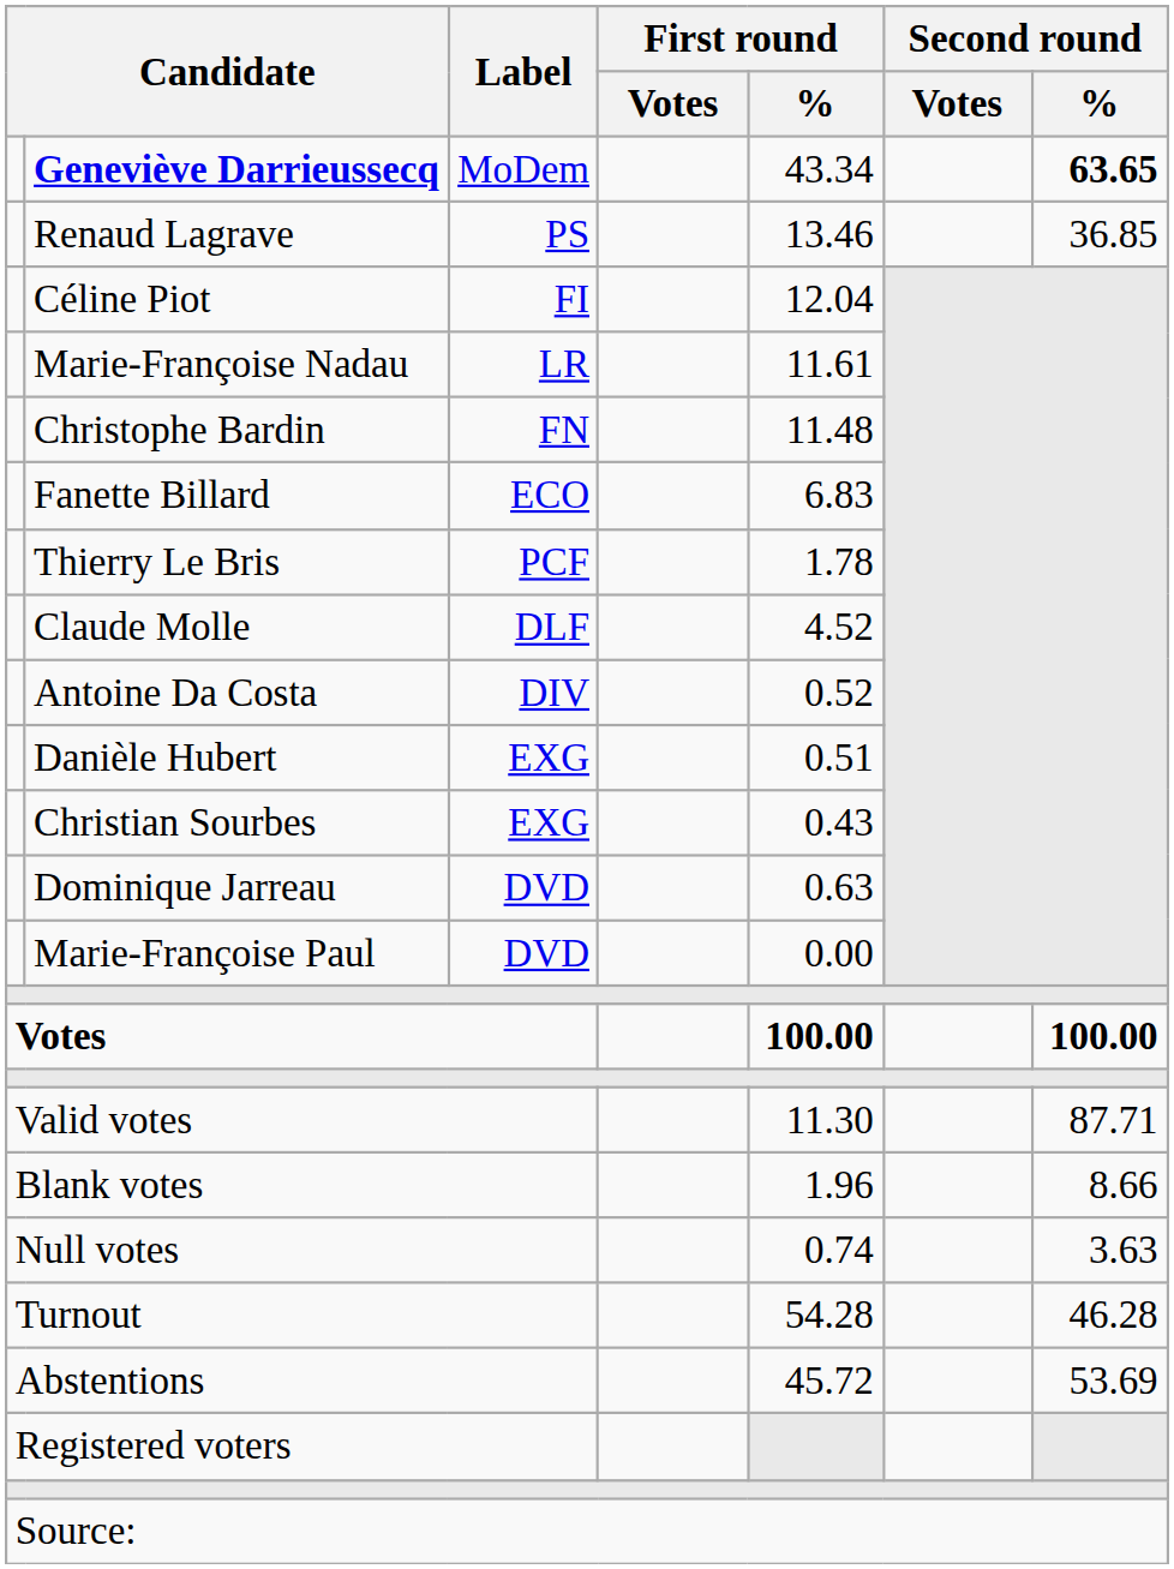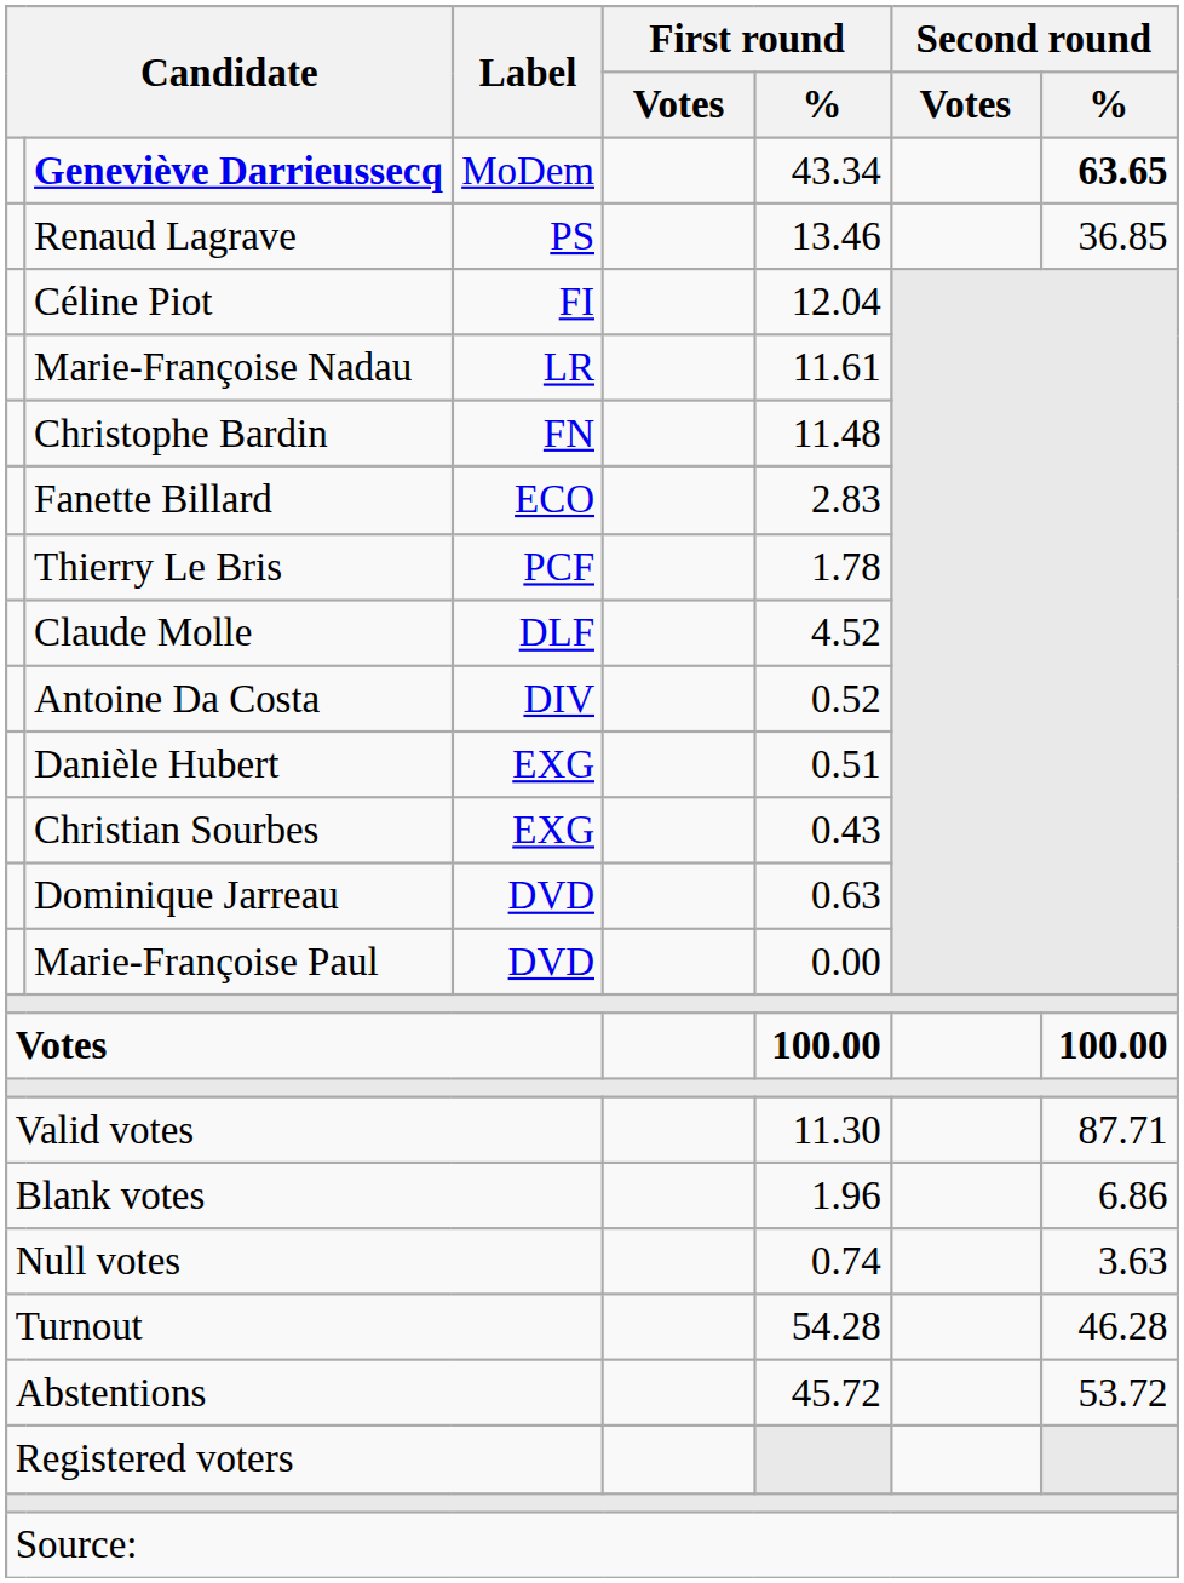 <table class="wikitable" style="text-align:right;font-size:95%;">
 <tr>
 <th rowspan="2" colspan="2">Candidate</th>
 <th rowspan="2">Label</th>
 <th colspan="2">First round</th>
 <th colspan="2">Second round</th>
 </tr>
 <tr>
 <th style="width:50px;">Votes</th>
 <th style="width:45px;">%</th>
 <th style="width:50px;">Votes</th>
 <th style="width:45px;">%</th>
 </tr>
 <tr>
 <td style="color:inherit;background:"></td>
 <td style="text-align:left;"><strong><a href='#'>Geneviève Darrieussecq</a></strong></td>
 <td><a href='#'>MoDem</a></td>
 <td></td>
 <td>43.34</td>
 <td><strong></strong></td>
 <td><strong>63.65</strong></td>
 </tr>
 <tr>
 <td style="color:inherit;background:"></td>
 <td style="text-align:left;">Renaud Lagrave</td>
 <td><a href='#'>PS</a></td>
 <td></td>
 <td>13.46</td>
 <td></td>
 <td>36.85</td>
 </tr>
 <tr>
 <td style="color:inherit;background:"></td>
 <td style="text-align:left;">Céline Piot</td>
 <td><a href='#'>FI</a></td>
 <td></td>
 <td>12.04</td>
 <td colspan="2" rowspan="11" style="background:#E9E9E9;"></td>
 </tr>
 <tr>
 <td style="color:inherit;background:"></td>
 <td style="text-align:left;">Marie-Françoise Nadau</td>
 <td><a href='#'>LR</a></td>
 <td></td>
 <td>11.61</td>
 </tr>
 <tr>
 <td style="color:inherit;background:"></td>
 <td style="text-align:left;">Christophe Bardin</td>
 <td><a href='#'>FN</a></td>
 <td></td>
 <td>11.48</td>
 </tr>
 <tr>
 <td style="color:inherit;background:"></td>
 <td style="text-align:left;">Fanette Billard</td>
 <td><a href='#'>ECO</a></td>
 <td></td>
-<td>6.83</td>
+<td>2.83</td>
 </tr>
 <tr>
 <td style="color:inherit;background:"></td>
 <td style="text-align:left;">Thierry Le Bris</td>
 <td><a href='#'>PCF</a></td>
 <td></td>
 <td>1.78</td>
 </tr>
 <tr>
 <td style="color:inherit;background:"></td>
 <td style="text-align:left;">Claude Molle</td>
 <td><a href='#'>DLF</a></td>
 <td></td>
 <td>4.52</td>
 </tr>
 <tr>
 <td style="color:inherit;background:"></td>
 <td style="text-align:left;">Antoine Da Costa</td>
 <td><a href='#'>DIV</a></td>
 <td></td>
 <td>0.52</td>
 </tr>
 <tr>
 <td style="color:inherit;background:"></td>
 <td style="text-align:left;">Danièle Hubert</td>
 <td><a href='#'>EXG</a></td>
 <td></td>
 <td>0.51</td>
 </tr>
 <tr>
 <td style="color:inherit;background:"></td>
 <td style="text-align:left;">Christian Sourbes</td>
 <td><a href='#'>EXG</a></td>
 <td></td>
 <td>0.43</td>
 </tr>
 <tr>
 <td style="color:inherit;background:"></td>
 <td style="text-align:left;">Dominique Jarreau</td>
 <td><a href='#'>DVD</a></td>
 <td></td>
 <td>0.63</td>
 </tr>
 <tr>
 <td style="color:inherit;background:"></td>
 <td style="text-align:left;">Marie-Françoise Paul</td>
 <td><a href='#'>DVD</a></td>
 <td></td>
 <td>0.00</td>
 </tr>
 <tr>
 <td colspan="7" style="background:#E9E9E9;"></td>
 </tr>
 <tr style="font-weight:bold;">
 <td colspan="3" style="text-align:left;">Votes</td>
 <td></td>
 <td>100.00</td>
 <td></td>
 <td>100.00</td>
 </tr>
 <tr>
 <td colspan="7" style="background:#E9E9E9;"></td>
 </tr>
 <tr>
 <td colspan="3" style="text-align:left;">Valid votes</td>
 <td></td>
 <td>11.30</td>
 <td></td>
 <td>87.71</td>
 </tr>
 <tr>
 <td colspan="3" style="text-align:left;">Blank votes</td>
 <td></td>
 <td>1.96</td>
 <td></td>
-<td>8.66</td>
+<td>6.86</td>
 </tr>
 <tr>
 <td colspan="3" style="text-align:left;">Null votes</td>
 <td></td>
 <td>0.74</td>
 <td></td>
 <td>3.63</td>
 </tr>
 <tr>
 <td colspan="3" style="text-align:left;">Turnout</td>
 <td></td>
 <td>54.28</td>
 <td></td>
 <td>46.28</td>
 </tr>
 <tr>
 <td colspan="3" style="text-align:left;">Abstentions</td>
 <td></td>
 <td>45.72</td>
 <td></td>
-<td>53.69</td>
+<td>53.72</td>
 </tr>
 <tr>
 <td colspan="3" style="text-align:left;">Registered voters</td>
 <td></td>
 <td style="color:inherit;background:#E9E9E9;"></td>
 <td></td>
 <td style="color:inherit;background:#E9E9E9;"></td>
 </tr>
 <tr>
 <td colspan="7" style="background:#E9E9E9;"></td>
 </tr>
 <tr>
 <td colspan="7" style="text-align:left;">Source: </td>
 </tr>
 </table>
